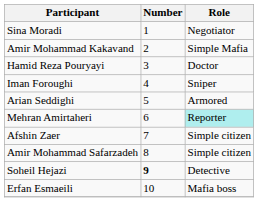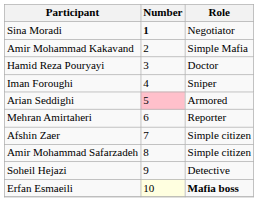 <table class="wikitable">
 <tr>
 <th>Participant</th>
 <th>Number</th>
 <th>Role</th>
 </tr>
 <tr>
 <td>Sina Moradi</td>
-<td>1</td>
+<td><strong>1</strong></td>
 <td>Negotiator</td>
 </tr>
 <tr>
 <td>Amir Mohammad Kakavand</td>
 <td>2</td>
 <td>Simple Mafia</td>
 </tr>
 <tr>
 <td>Hamid Reza Pouryayi</td>
 <td>3</td>
 <td>Doctor</td>
 </tr>
 <tr>
 <td>Iman Foroughi</td>
 <td>4</td>
 <td>Sniper</td>
 </tr>
 <tr>
 <td>Arian Seddighi</td>
-<td>5</td>
+<td style="background: pink;">5</td>
 <td>Armored</td>
 </tr>
 <tr>
 <td>Mehran Amirtaheri</td>
 <td>6</td>
-<td style="background: paleturquoise;">Reporter</td>
+<td>Reporter</td>
 </tr>
 <tr>
 <td>Afshin Zaer</td>
 <td>7</td>
 <td>Simple citizen</td>
 </tr>
 <tr>
 <td>Amir Mohammad Safarzadeh</td>
 <td>8</td>
 <td>Simple citizen</td>
 </tr>
 <tr>
 <td>Soheil Hejazi</td>
-<td><strong>9</strong></td>
+<td>9</td>
 <td>Detective</td>
 </tr>
 <tr>
 <td>Erfan Esmaeili</td>
-<td>10</td>
-<td>Mafia boss</td>
+<td style="background: lightyellow;">10</td>
+<td><strong>Mafia boss</strong></td>
 </tr>
 <tr>
 </tr>
 </table>
